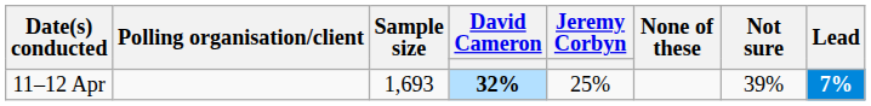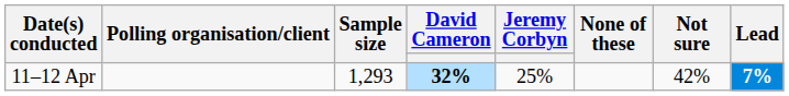 <table class="wikitable sortable mw-datatable" style="text-align:center;font-size:90%;line-height:14px;">
 <tr>
 <th rowspan="2">Date(s)<br>conducted</th>
 <th rowspan="2">Polling organisation/client</th>
 <th rowspan="2">Sample<br>size</th>
 <th style="width:50px;" class="unsortable"><a href='#'>David Cameron</a></th>
 <th style="width:50px;" class="unsortable"><a href='#'>Jeremy Corbyn</a></th>
 <th style="width:50px;" rowspan="2" class="unsortable">None of these</th>
 <th style="width:50px;" rowspan="2" class="unsortable">Not sure</th>
 <th class="unsortable" style="width:20px;" rowspan="2">Lead</th>
 </tr>
 <tr>
 <th class="unsortable" style="color:inherit;background:"></th>
 <th class="unsortable" style="color:inherit;background:"></th>
 </tr>
 <tr>
 <td>11–12 Apr</td>
 <td></td>
-<td>1,693</td>
+<td>1,293</td>
 <td style="background:#B3E0FF"><strong>32%</strong></td>
 <td>25%</td>
 <td></td>
-<td>39%</td>
+<td>42%</td>
 <td style="background:#0087DC; color:white;"><strong>7%</strong></td>
 </tr>
 </table>
